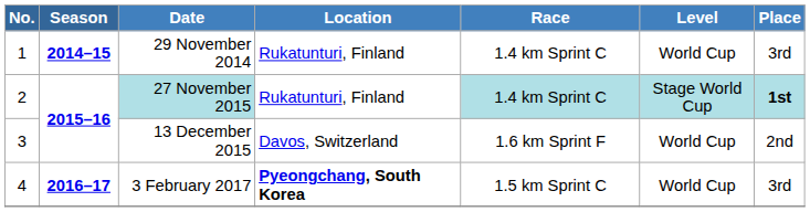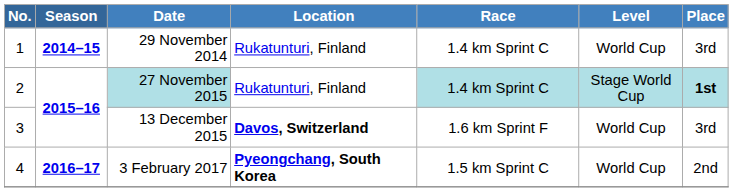 <table class="wikitable sortable" style="font-size:95%; text-align:center; border:grey solid 1px; border-collapse:collapse; background:#ffffff;">
 <tr style="background:#efefef;">
 <th style="background-color:#369; color:white;">No.</th>
 <th style="background-color:#369; color:white;">Season</th>
 <th style="background-color:#4180be; color:white; width:120px;">Date</th>
 <th style="background-color:#4180be; color:white; width:185px;">Location</th>
 <th style="background-color:#4180be; color:white; width:160px;">Race</th>
 <th style="background-color:#4180be; color:white; width:100px;">Level</th>
 <th style="background-color:#4180be; color:white;">Place</th>
 </tr>
 <tr>
 <td align=center>1</td>
 <td rowspan=1 align=center><strong> <a href='#'>2014–15</a> </strong></td>
 <td align=right>29 November 2014</td>
 <td align=left> <a href='#'>Rukatunturi</a>, Finland</td>
 <td>1.4 km Sprint C</td>
 <td>World Cup</td>
 <td>3rd</td>
 </tr>
 <tr>
 <td align=center>2</td>
 <td rowspan=2 align=center><strong><a href='#'>2015–16</a></strong></td>
 <td bgcolor="#BOEOE6" align=right>27 November 2015</td>
 <td align=left> <a href='#'>Rukatunturi</a>, Finland</td>
 <td bgcolor="#BOEOE6">1.4 km Sprint C</td>
 <td bgcolor="#BOEOE6">Stage World Cup</td>
 <td bgcolor="#BOEOE6"><strong>1st</strong></td>
 </tr>
 <tr>
 <td align=center>3</td>
 <td align=right>13 December 2015</td>
-<td align=left> <a href='#'>Davos</a>, Switzerland</td>
+<td align=left><strong> <a href='#'>Davos</a>, Switzerland</strong></td>
 <td>1.6 km Sprint F</td>
 <td>World Cup</td>
-<td>2nd</td>
+<td>3rd</td>
 </tr>
 <tr>
 <td align=center>4</td>
 <td rowspan=1 align=center><strong> <a href='#'>2016–17</a> </strong></td>
 <td align=right>3 February 2017</td>
 <td align=left><strong> <a href='#'>Pyeongchang</a>, South Korea</strong></td>
 <td>1.5 km Sprint C</td>
 <td>World Cup</td>
-<td>3rd</td>
+<td>2nd</td>
 </tr>
 <tr>
 </tr>
 </table>
